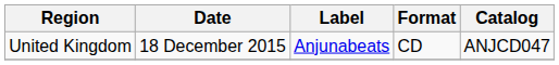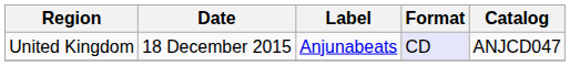 <table class=wikitable>
 <tr>
 <th>Region</th>
 <th>Date</th>
 <th>Label</th>
 <th>Format</th>
 <th>Catalog</th>
 </tr>
 <tr>
 <td>United Kingdom</td>
 <td>18 December 2015</td>
 <td><a href='#'>Anjunabeats</a></td>
-<td>CD</td>
+<td style="background: lavender;">CD</td>
 <td>ANJCD047</td>
 </tr>
 <tr>
 </tr>
 </table>
